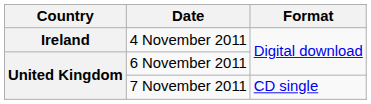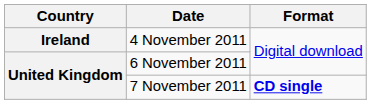 <table class="wikitable plainrowheaders">
 <tr>
 <th scope="col">Country</th>
 <th scope="col">Date</th>
 <th scope="col">Format</th>
 </tr>
 <tr>
 <th scope="row">Ireland</th>
 <td>4 November 2011</td>
 <td rowspan="2"><a href='#'>Digital download</a></td>
 </tr>
 <tr>
 <th scope="row" rowspan="2">United Kingdom</th>
 <td>6 November 2011</td>
 </tr>
 <tr>
 <td>7 November 2011</td>
-<td><a href='#'>CD single</a></td>
+<td><strong><a href='#'>CD single</a></strong></td>
 </tr>
 </table>
